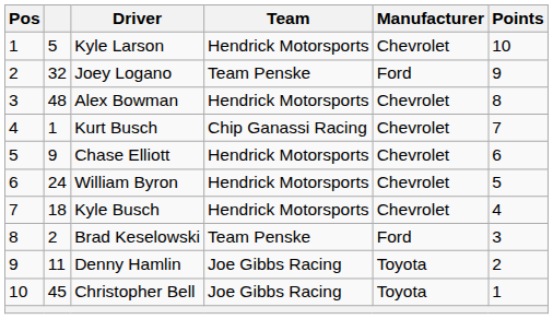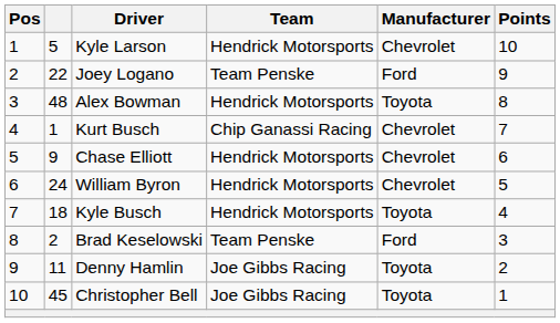 <table class="wikitable" style="font-size:98%">
 <tr>
 <th>Pos</th>
 <th></th>
 <th>Driver</th>
 <th>Team</th>
 <th>Manufacturer</th>
 <th>Points</th>
 </tr>
 <tr>
 <td>1</td>
 <td>5</td>
 <td>Kyle Larson</td>
 <td>Hendrick Motorsports</td>
 <td>Chevrolet</td>
 <td>10</td>
 </tr>
 <tr>
 <td>2</td>
-<td>32</td>
+<td>22</td>
 <td>Joey Logano</td>
 <td>Team Penske</td>
 <td>Ford</td>
 <td>9</td>
 </tr>
 <tr>
 <td>3</td>
 <td>48</td>
 <td>Alex Bowman</td>
 <td>Hendrick Motorsports</td>
-<td>Chevrolet</td>
+<td>Toyota</td>
 <td>8</td>
 </tr>
 <tr>
 <td>4</td>
 <td>1</td>
 <td>Kurt Busch</td>
 <td>Chip Ganassi Racing</td>
 <td>Chevrolet</td>
 <td>7</td>
 </tr>
 <tr>
 <td>5</td>
 <td>9</td>
 <td>Chase Elliott</td>
 <td>Hendrick Motorsports</td>
 <td>Chevrolet</td>
 <td>6</td>
 </tr>
 <tr>
 <td>6</td>
 <td>24</td>
 <td>William Byron</td>
 <td>Hendrick Motorsports</td>
 <td>Chevrolet</td>
 <td>5</td>
 </tr>
 <tr>
 <td>7</td>
 <td>18</td>
 <td>Kyle Busch</td>
 <td>Hendrick Motorsports</td>
-<td>Chevrolet</td>
+<td>Toyota</td>
 <td>4</td>
 </tr>
 <tr>
 <td>8</td>
 <td>2</td>
 <td>Brad Keselowski</td>
 <td>Team Penske</td>
 <td>Ford</td>
 <td>3</td>
 </tr>
 <tr>
 <td>9</td>
 <td>11</td>
 <td>Denny Hamlin</td>
 <td>Joe Gibbs Racing</td>
 <td>Toyota</td>
 <td>2</td>
 </tr>
 <tr>
 <td>10</td>
 <td>45</td>
 <td>Christopher Bell</td>
 <td>Joe Gibbs Racing</td>
 <td>Toyota</td>
 <td>1</td>
 </tr>
 <tr>
 <th colspan="6"></th>
 </tr>
 </table>
